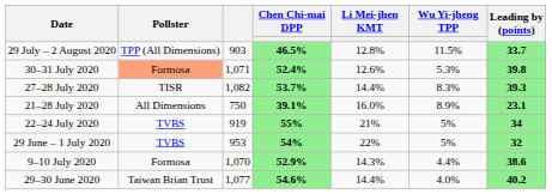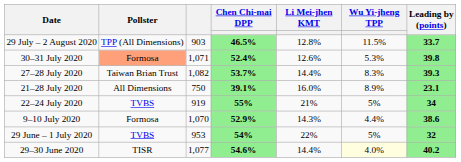 <table class="wikitable sortable collapsible" style="font-size:95%; text-align:center">
 <tr>
 <th rowspan=2>Date</th>
 <th rowspan=2>Pollster</th>
 <th rowspan=2></th>
 <th width=100px><a href='#'>Chen Chi-mai</a><br><a href='#'>DPP</a></th>
 <th width=100px><a href='#'>Li Mei-jhen</a><br><a href='#'>KMT</a></th>
 <th width=100px><a href='#'>Wu Yi-jheng</a><br><a href='#'>TPP</a></th>
 <th rowspan=2>Leading by<br>(<a href='#'>points</a>)</th>
 </tr>
 <tr>
 <th style="background:"></th>
 <th style="background:"></th>
 <th style="background:"></th>
 </tr>
 <tr>
 <td data-sort-value="2020-08-02">29 July – 2 August 2020</td>
 <td><a href='#'>TPP</a> (All Dimensions)</td>
 <td>903</td>
 <td bgcolor="#90ee90"><strong>46.5%</strong></td>
 <td>12.8%</td>
 <td>11.5%</td>
 <td bgcolor="#90ee90"><strong>33.7</strong></td>
 </tr>
 <tr>
 <td data-sort-value="2020-07-30">30–31 July 2020</td>
 <td style="background: lightsalmon;">Formosa</td>
 <td>1,071</td>
 <td bgcolor="#90ee90"><strong>52.4%</strong></td>
 <td>12.6%</td>
 <td>5.3%</td>
 <td bgcolor="#90ee90"><strong>39.8</strong></td>
 </tr>
 <tr>
 <td data-sort-value="2020-07-28">27–28 July 2020</td>
-<td>TISR</td>
+<td>Taiwan Brian Trust</td>
 <td>1,082</td>
 <td bgcolor="#90ee90"><strong>53.7%</strong></td>
 <td>14.4%</td>
 <td>8.3%</td>
 <td bgcolor="#90ee90"><strong>39.3</strong></td>
 </tr>
 <tr>
 <td data-sort-value="2020-07-27">21–28 July 2020</td>
 <td>All Dimensions</td>
 <td>750</td>
 <td bgcolor="#90ee90"><strong>39.1%</strong></td>
 <td>16.0%</td>
 <td>8.9%</td>
 <td bgcolor="#90ee90"><strong>23.1</strong></td>
 </tr>
 <tr>
 <td data-sort-value="2020-07-22">22–24 July 2020</td>
 <td><a href='#'>TVBS</a></td>
 <td>919</td>
 <td bgcolor="#90ee90"><strong>55%</strong></td>
 <td>21%</td>
 <td>5%</td>
 <td bgcolor="#90ee90"><strong>34</strong></td>
 </tr>
 <tr>
+<td data-sort-value="2020-07-09">9–10 July 2020</td>
+<td>Formosa</td>
+<td>1,070</td>
+<td bgcolor="#90ee90"><strong>52.9%</strong></td>
+<td>14.3%</td>
+<td>4.4%</td>
+<td bgcolor="#90ee90"><strong>38.6</strong></td>
+</tr>
+<tr>
 <td data-sort-value="2020-07-01">29 June – 1 July 2020</td>
 <td><a href='#'>TVBS</a></td>
 <td>953</td>
 <td bgcolor="#90ee90"><strong>54%</strong></td>
 <td>22%</td>
 <td>5%</td>
 <td bgcolor="#90ee90"><strong>32</strong></td>
 </tr>
 <tr>
-<td data-sort-value="2020-07-09">9–10 July 2020</td>
-<td>Formosa</td>
-<td>1,070</td>
-<td bgcolor="#90ee90"><strong>52.9%</strong></td>
-<td>14.3%</td>
-<td>4.4%</td>
-<td bgcolor="#90ee90"><strong>38.6</strong></td>
-</tr>
-<tr>
 <td data-sort-value="2020-06-29">29–30 June 2020</td>
-<td>Taiwan Brian Trust</td>
+<td>TISR</td>
 <td>1,077</td>
 <td bgcolor="#90ee90"><strong>54.6%</strong></td>
 <td>14.4%</td>
-<td>4.0%</td>
+<td style="background: lightyellow;">4.0%</td>
 <td bgcolor="#90ee90"><strong>40.2</strong></td>
 </tr>
 </table>
